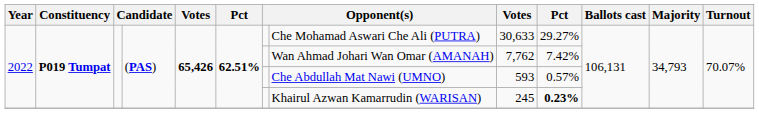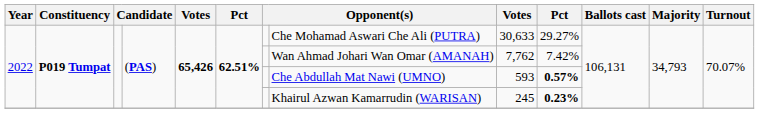 <table class="wikitable" style="margin:0.5em ; font-size:95%">
 <tr>
 <th>Year</th>
 <th>Constituency</th>
 <th colspan=2>Candidate</th>
 <th>Votes</th>
 <th>Pct</th>
 <th colspan=2>Opponent(s)</th>
 <th>Votes</th>
 <th>Pct</th>
 <th>Ballots cast</th>
 <th>Majority</th>
 <th>Turnout</th>
 </tr>
 <tr>
 <td rowspan=4><a href='#'>2022</a></td>
 <td rowspan=4><strong>P019 <a href='#'>Tumpat</a></strong></td>
 <td rowspan=4 ></td>
 <td rowspan=4> (<a href='#'><strong>PAS</strong></a>)</td>
 <td rowspan=4 align="right"><strong>65,426</strong></td>
 <td rowspan=4><strong>62.51%</strong></td>
 <td></td>
 <td>Che Mohamad Aswari Che Ali (<a href='#'>PUTRA</a>)</td>
 <td align="right">30,633</td>
 <td>29.27%</td>
 <td rowspan=4>106,131</td>
 <td rowspan=4>34,793</td>
 <td rowspan=4>70.07%</td>
 </tr>
 <tr>
 <td></td>
 <td>Wan Ahmad Johari Wan Omar (<a href='#'>AMANAH</a>)</td>
 <td align="right">7,762</td>
 <td align="right">7.42%</td>
 </tr>
 <tr>
 <td></td>
 <td><a href='#'>Che Abdullah Mat Nawi</a> (<a href='#'>UMNO</a>)</td>
 <td align="right">593</td>
-<td align="right">0.57%</td>
+<td align="right"><strong>0.57%</strong></td>
 </tr>
 <tr>
 <td></td>
 <td>Khairul Azwan Kamarrudin (<a href='#'>WARISAN</a>)</td>
 <td align="right">245</td>
 <td align="right"><strong>0.23%</strong></td>
 </tr>
 <tr>
 </tr>
 </table>
